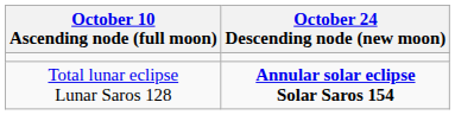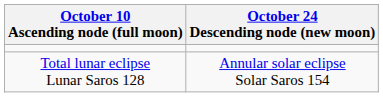 <table class="wikitable">
 <tr>
 <th><a href='#'>October 10</a><br>Ascending node (full moon)<br></th>
 <th><a href='#'>October 24</a><br>Descending node (new moon)<br></th>
 </tr>
 <tr>
 <td></td>
 <td></td>
 </tr>
 <tr align=center>
 <td><a href='#'>Total lunar eclipse</a><br>Lunar Saros 128</td>
-<td><strong><a href='#'>Annular solar eclipse</a><br>Solar Saros 154</strong></td>
+<td><a href='#'>Annular solar eclipse</a><br>Solar Saros 154</td>
 </tr>
 </table>
